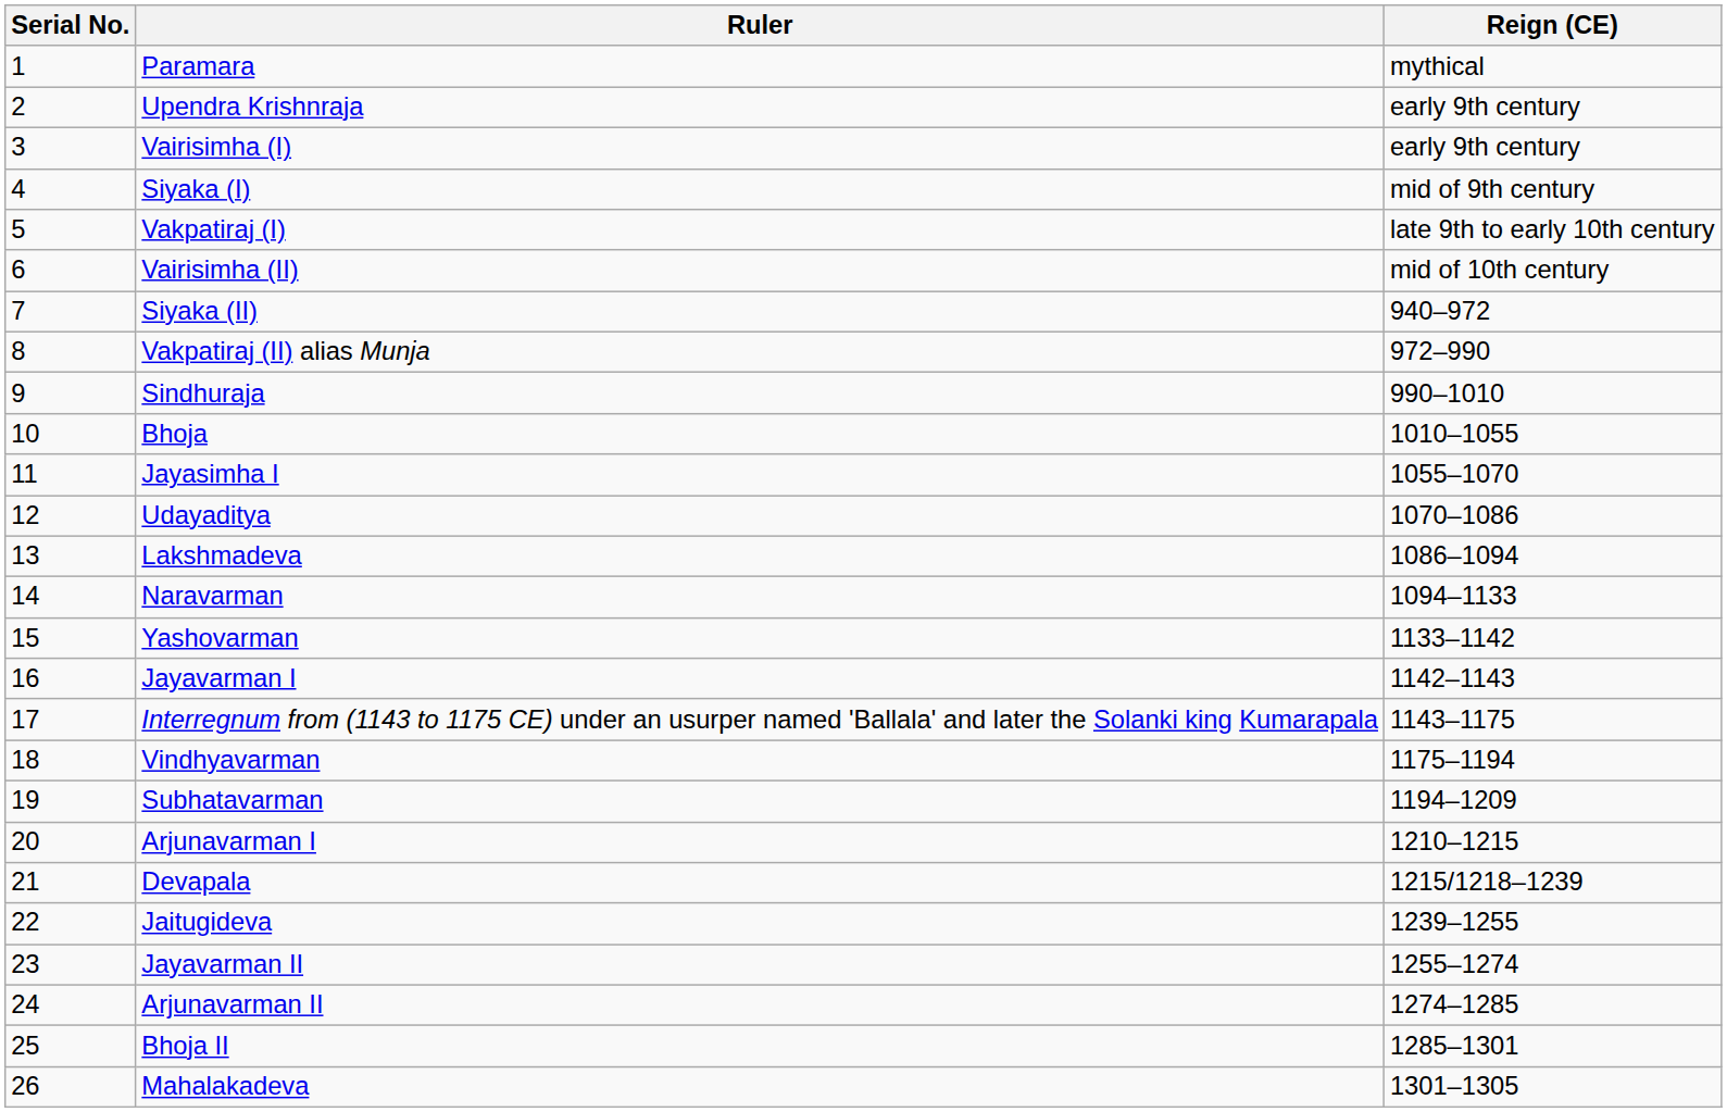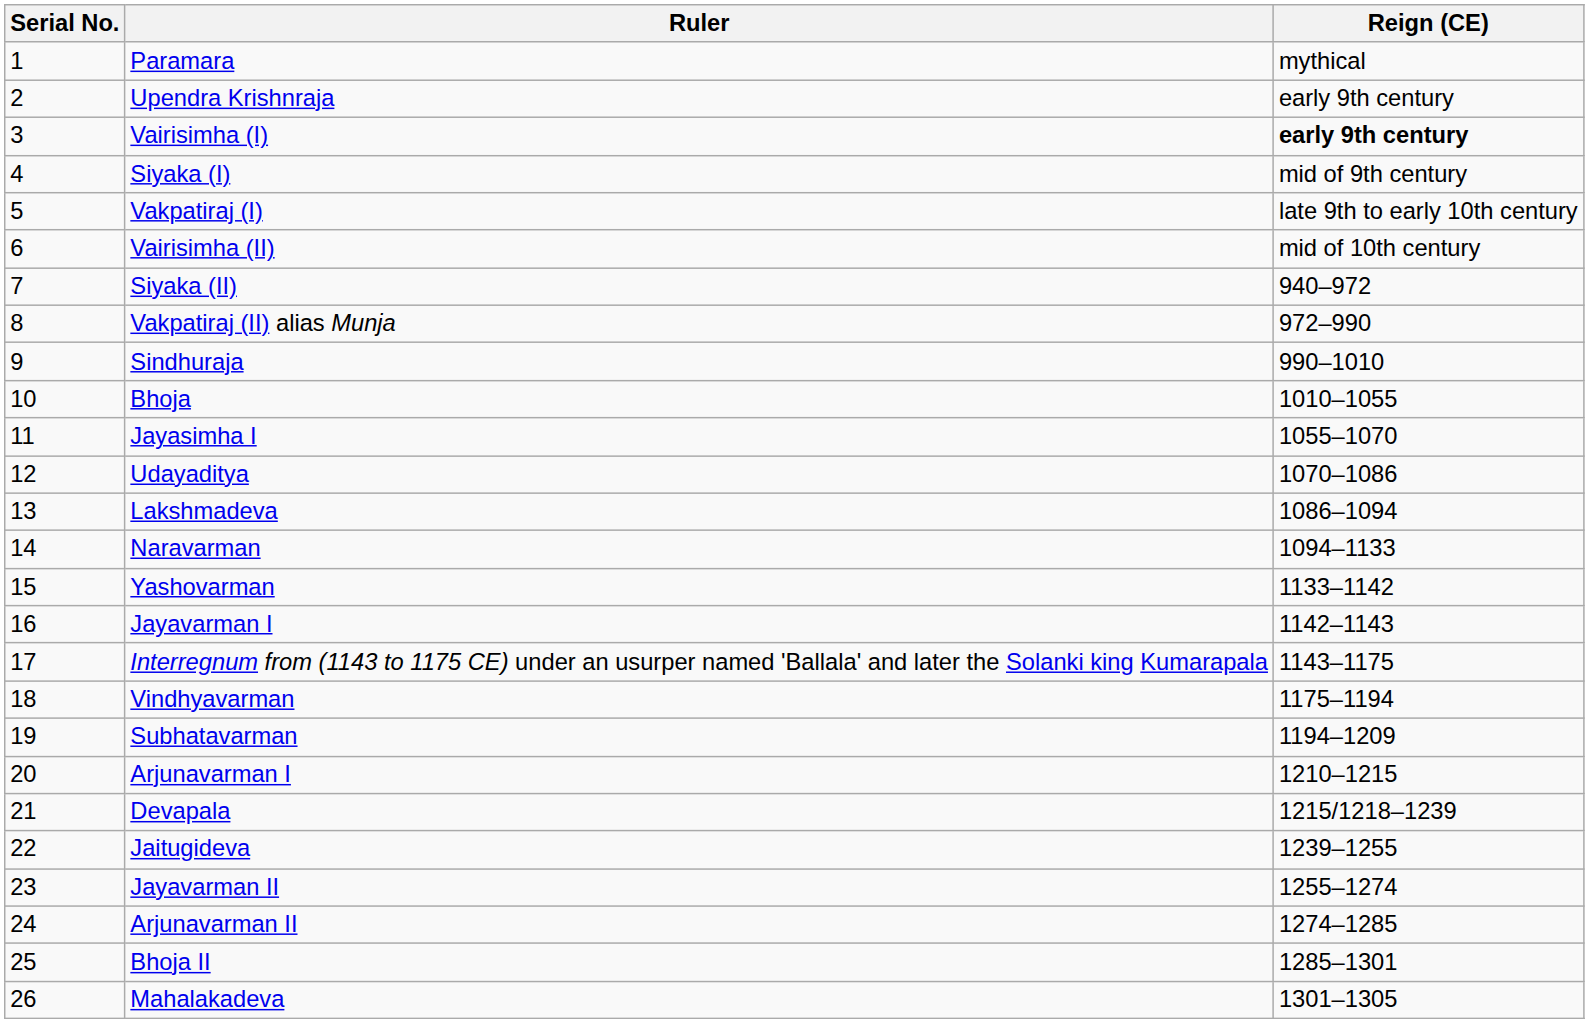 <table class="wikitable">
 <tr>
 <th>Serial No.</th>
 <th>Ruler</th>
 <th>Reign (CE)</th>
 </tr>
 <tr>
 <td>1</td>
 <td><a href='#'>Paramara</a></td>
 <td>mythical</td>
 </tr>
 <tr>
 <td>2</td>
 <td><a href='#'>Upendra Krishnraja</a></td>
 <td>early 9th century</td>
 </tr>
 <tr>
 <td>3</td>
 <td><a href='#'>Vairisimha (I)</a></td>
-<td>early 9th century</td>
+<td><strong>early 9th century</strong></td>
 </tr>
 <tr>
 <td>4</td>
 <td><a href='#'>Siyaka (I)</a></td>
 <td>mid of 9th century</td>
 </tr>
 <tr>
 <td>5</td>
 <td><a href='#'>Vakpatiraj (I)</a></td>
 <td>late 9th to early 10th century</td>
 </tr>
 <tr>
 <td>6</td>
 <td><a href='#'>Vairisimha (II)</a></td>
 <td>mid of 10th century</td>
 </tr>
 <tr>
 <td>7</td>
 <td><a href='#'>Siyaka (II)</a></td>
 <td>940–972</td>
 </tr>
 <tr>
 <td>8</td>
 <td><a href='#'>Vakpatiraj (II)</a> alias <em>Munja</em></td>
 <td>972–990</td>
 </tr>
 <tr>
 <td>9</td>
 <td><a href='#'>Sindhuraja</a></td>
 <td>990–1010</td>
 </tr>
 <tr>
 <td>10</td>
 <td><a href='#'>Bhoja</a></td>
 <td>1010–1055</td>
 </tr>
 <tr>
 <td>11</td>
 <td><a href='#'>Jayasimha I</a></td>
 <td>1055–1070</td>
 </tr>
 <tr>
 <td>12</td>
 <td><a href='#'>Udayaditya</a></td>
 <td>1070–1086</td>
 </tr>
 <tr>
 <td>13</td>
 <td><a href='#'>Lakshmadeva</a></td>
 <td>1086–1094</td>
 </tr>
 <tr>
 <td>14</td>
 <td><a href='#'>Naravarman</a></td>
 <td>1094–1133</td>
 </tr>
 <tr>
 <td>15</td>
 <td><a href='#'>Yashovarman</a></td>
 <td>1133–1142</td>
 </tr>
 <tr>
 <td>16</td>
 <td><a href='#'>Jayavarman I</a></td>
 <td>1142–1143</td>
 </tr>
 <tr>
 <td>17</td>
 <td><em><a href='#'>Interregnum</a> from (1143 to 1175 CE)</em> under an usurper named 'Ballala' and later the <a href='#'>Solanki king</a> <a href='#'>Kumarapala</a></td>
 <td>1143–1175</td>
 </tr>
 <tr>
 <td>18</td>
 <td><a href='#'>Vindhyavarman</a></td>
 <td>1175–1194</td>
 </tr>
 <tr>
 <td>19</td>
 <td><a href='#'>Subhatavarman</a></td>
 <td>1194–1209</td>
 </tr>
 <tr>
 <td>20</td>
 <td><a href='#'>Arjunavarman I</a></td>
 <td>1210–1215</td>
 </tr>
 <tr>
 <td>21</td>
 <td><a href='#'>Devapala</a></td>
 <td>1215/1218–1239</td>
 </tr>
 <tr>
 <td>22</td>
 <td><a href='#'>Jaitugideva</a></td>
 <td>1239–1255</td>
 </tr>
 <tr>
 <td>23</td>
 <td><a href='#'>Jayavarman II</a></td>
 <td>1255–1274</td>
 </tr>
 <tr>
 <td>24</td>
 <td><a href='#'>Arjunavarman II</a></td>
 <td>1274–1285</td>
 </tr>
 <tr>
 <td>25</td>
 <td><a href='#'>Bhoja II</a></td>
 <td>1285–1301</td>
 </tr>
 <tr>
 <td>26</td>
 <td><a href='#'>Mahalakadeva</a></td>
 <td>1301–1305</td>
 </tr>
 <tr>
 </tr>
 </table>
